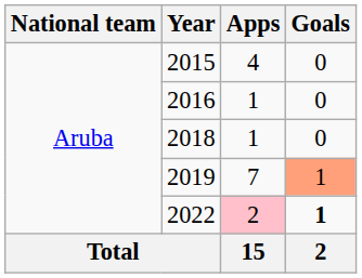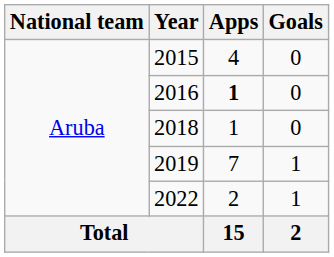 <table class="wikitable" style="text-align:center">
 <tr>
 <th>National team</th>
 <th>Year</th>
 <th>Apps</th>
 <th>Goals</th>
 </tr>
 <tr>
 <td rowspan="5"><a href='#'>Aruba</a></td>
 <td>2015</td>
 <td>4</td>
 <td>0</td>
 </tr>
 <tr>
 <td>2016</td>
-<td>1</td>
+<td><strong>1</strong></td>
 <td>0</td>
 </tr>
 <tr>
 <td>2018</td>
 <td>1</td>
 <td>0</td>
 </tr>
 <tr>
 <td>2019</td>
 <td>7</td>
-<td style="background: lightsalmon;">1</td>
+<td>1</td>
 </tr>
 <tr>
 <td>2022</td>
-<td style="background: pink;">2</td>
-<td><strong>1</strong></td>
+<td>2</td>
+<td>1</td>
 </tr>
 <tr>
 <th colspan="2">Total</th>
 <th>15</th>
 <th>2</th>
 </tr>
 </table>
